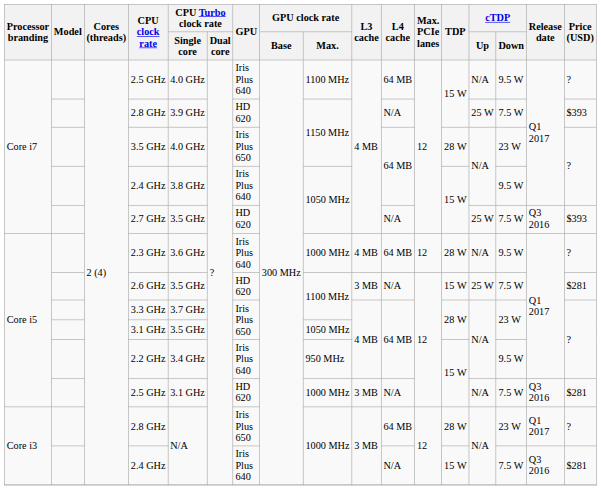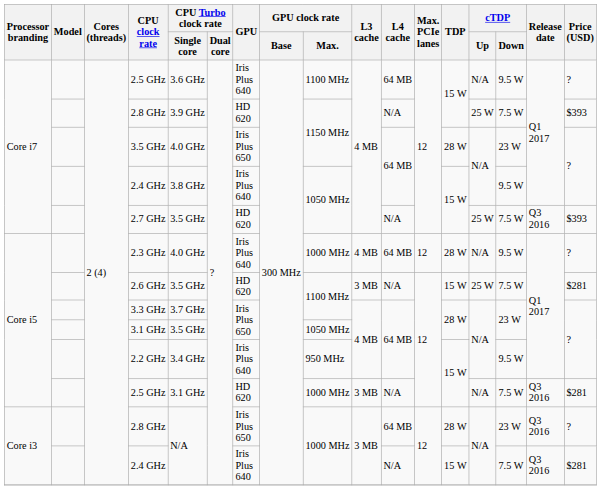 <table class="wikitable sortable">
 <tr>
 <th rowspan="2">Processor<br>branding</th>
 <th rowspan="2">Model</th>
 <th rowspan="2">Cores<br>(threads)</th>
 <th rowspan="2">CPU<br><a href='#'>clock</a> <a href='#'>rate</a></th>
 <th colspan="2">CPU <a href='#'>Turbo</a> clock rate</th>
 <th rowspan="2">GPU</th>
 <th colspan="2">GPU clock rate</th>
 <th rowspan="2">L3<br>cache</th>
 <th rowspan="2">L4<br>cache</th>
 <th rowspan="2">Max. PCIe lanes</th>
 <th rowspan="2">TDP</th>
 <th colspan="2"><a href='#'>cTDP</a></th>
 <th rowspan="2">Release date</th>
 <th rowspan="2">Price (USD)</th>
 </tr>
 <tr>
 <th>Single core</th>
 <th>Dual core</th>
 <th>Base</th>
 <th>Max.</th>
 <th>Up</th>
 <th>Down</th>
 </tr>
 <tr>
 <td rowspan="5">Core i7</td>
 <td></td>
 <td rowspan="13">2 (4)</td>
 <td>2.5 GHz</td>
-<td>4.0 GHz</td>
+<td>3.6 GHz</td>
 <td rowspan="13">?</td>
 <td>Iris Plus 640</td>
 <td rowspan="13">300 MHz</td>
 <td>1100 MHz</td>
 <td rowspan="5">4 MB</td>
 <td>64 MB</td>
 <td rowspan="5">12</td>
 <td rowspan="2">15 W</td>
 <td>N/A</td>
 <td>9.5 W</td>
 <td rowspan="4">Q1 2017</td>
 <td>?</td>
 </tr>
 <tr>
 <td></td>
 <td>2.8 GHz</td>
 <td>3.9 GHz</td>
 <td>HD 620</td>
 <td rowspan="2">1150 MHz</td>
 <td>N/A</td>
 <td>25 W</td>
 <td>7.5 W</td>
 <td>$393</td>
 </tr>
 <tr>
 <td></td>
 <td>3.5 GHz</td>
 <td>4.0 GHz</td>
 <td>Iris Plus 650</td>
 <td rowspan="2">64 MB</td>
 <td>28 W</td>
 <td rowspan="2">N/A</td>
 <td>23 W</td>
 <td rowspan="2">?</td>
 </tr>
 <tr>
 <td></td>
 <td>2.4 GHz</td>
 <td>3.8 GHz</td>
 <td>Iris Plus 640</td>
 <td rowspan="2">1050 MHz</td>
 <td rowspan="2">15 W</td>
 <td>9.5 W</td>
 </tr>
 <tr>
 <td></td>
 <td>2.7 GHz</td>
 <td>3.5 GHz</td>
 <td>HD 620</td>
 <td>N/A</td>
 <td>25 W</td>
 <td>7.5 W</td>
 <td>Q3 2016</td>
 <td>$393</td>
 </tr>
 <tr>
 <td rowspan="6">Core i5</td>
 <td></td>
 <td>2.3 GHz</td>
-<td>3.6 GHz</td>
+<td>4.0 GHz</td>
 <td>Iris Plus 640</td>
 <td>1000 MHz</td>
 <td>4 MB</td>
 <td>64 MB</td>
 <td>12</td>
 <td>28 W</td>
 <td>N/A</td>
 <td>9.5 W</td>
 <td rowspan="5">Q1 2017</td>
 <td>?</td>
 </tr>
 <tr>
 <td></td>
 <td>2.6 GHz</td>
 <td>3.5 GHz</td>
 <td>HD 620</td>
 <td rowspan="2">1100 MHz</td>
 <td>3 MB</td>
 <td>N/A</td>
 <td rowspan="5">12</td>
 <td>15 W</td>
 <td>25 W</td>
 <td>7.5 W</td>
 <td>$281</td>
 </tr>
 <tr>
 <td></td>
 <td>3.3 GHz</td>
 <td>3.7 GHz</td>
 <td rowspan="2">Iris Plus 650</td>
 <td rowspan="3">4 MB</td>
 <td rowspan="3">64 MB</td>
 <td rowspan="2">28 W</td>
 <td rowspan="3">N/A</td>
 <td rowspan="2">23 W</td>
 <td rowspan="3">?</td>
 </tr>
 <tr>
 <td></td>
 <td>3.1 GHz</td>
 <td>3.5 GHz</td>
 <td>1050 MHz</td>
 </tr>
 <tr>
 <td></td>
 <td>2.2 GHz</td>
 <td>3.4 GHz</td>
 <td>Iris Plus 640</td>
 <td>950 MHz</td>
 <td rowspan="2">15 W</td>
 <td>9.5 W</td>
 </tr>
 <tr>
 <td></td>
 <td>2.5 GHz</td>
 <td>3.1 GHz</td>
 <td>HD 620</td>
 <td>1000 MHz</td>
 <td>3 MB</td>
 <td>N/A</td>
 <td>N/A</td>
 <td>7.5 W</td>
 <td>Q3 2016</td>
 <td>$281</td>
 </tr>
 <tr>
 <td rowspan="2">Core i3</td>
 <td></td>
 <td>2.8 GHz</td>
 <td rowspan="2">N/A</td>
 <td>Iris Plus 650</td>
 <td rowspan="2">1000 MHz</td>
 <td rowspan="2">3 MB</td>
 <td>64 MB</td>
 <td rowspan="2">12</td>
 <td>28 W</td>
 <td rowspan="2">N/A</td>
 <td>23 W</td>
-<td>Q1 2017</td>
+<td>Q3 2016</td>
 <td>?</td>
 </tr>
 <tr>
 <td></td>
 <td>2.4 GHz</td>
 <td>Iris Plus 640</td>
 <td>N/A</td>
 <td>15 W</td>
 <td>7.5 W</td>
 <td>Q3 2016</td>
 <td>$281</td>
 </tr>
 <tr>
 </tr>
 </table>
